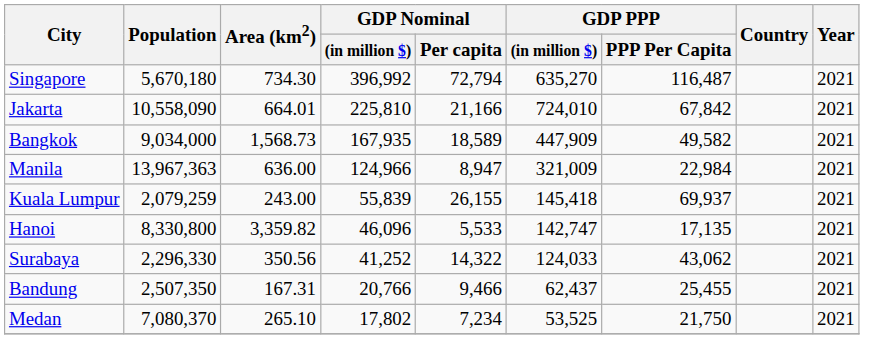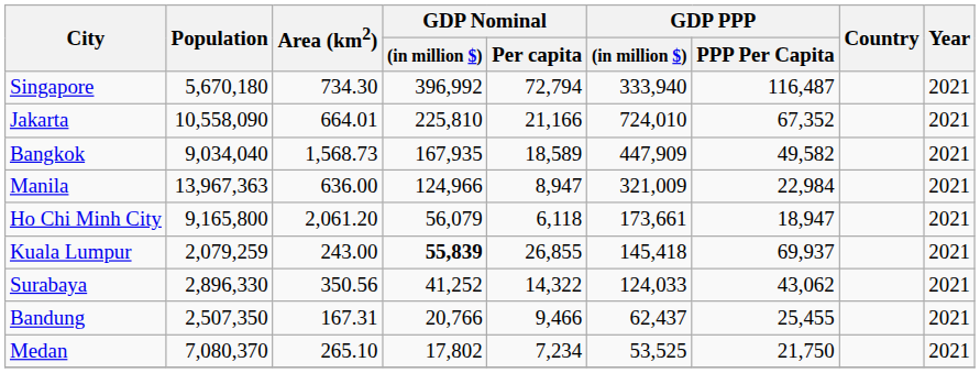 <table class="wikitable sortable sticky-header-multi static-row-numbers" style="text-align:center;">
 <tr>
 <th rowspan="2">City</th>
 <th rowspan="2">Population</th>
 <th rowspan="2">Area (km<sup>2</sup>)</th>
 <th scope="col" colspan="2">GDP Nominal</th>
 <th scope="col" colspan="2">GDP PPP</th>
 <th rowspan="2">Country</th>
 <th rowspan="2">Year</th>
 </tr>
 <tr>
 <th scope="col"><small>(in million <a href='#'>$</a>)</small></th>
 <th>Per capita</th>
 <th scope="col"><small>(in million <a href='#'>$</a>)</small></th>
 <th>PPP Per Capita</th>
 </tr>
 <tr>
 <td ! scope="row" style="text-align: left; font-weight: normal;"><a href='#'>Singapore</a></td>
 <td align=right>5,670,180</td>
 <td align=right>734.30</td>
 <td align=right>396,992</td>
 <td align=right>72,794</td>
-<td align=right>635,270</td>
+<td align=right>333,940</td>
 <td align=right>116,487</td>
 <td></td>
 <td align=right>2021</td>
 </tr>
 <tr>
 <td ! scope="row" style="text-align: left; font-weight: normal;"><a href='#'>Jakarta</a></td>
 <td align=right>10,558,090</td>
 <td align=right>664.01</td>
 <td align=right>225,810</td>
 <td align=right>21,166</td>
 <td align=right>724,010</td>
-<td align=right>67,842</td>
+<td align=right>67,352</td>
 <td></td>
 <td align=right>2021</td>
 </tr>
 <tr>
 <td ! scope="row" style="text-align: left; font-weight: normal;"><a href='#'>Bangkok</a></td>
-<td align=right>9,034,000</td>
+<td align=right>9,034,040</td>
 <td align=right>1,568.73</td>
 <td align=right>167,935</td>
 <td align=right>18,589</td>
 <td align=right>447,909</td>
 <td align=right>49,582</td>
 <td></td>
 <td align=right>2021</td>
 </tr>
 <tr>
 <td ! scope="row" style="text-align: left; font-weight: normal;"><a href='#'>Manila</a></td>
 <td align=right>13,967,363</td>
 <td align=right>636.00</td>
 <td align=right>124,966</td>
 <td align=right>8,947</td>
 <td align=right>321,009</td>
 <td align=right>22,984</td>
 <td></td>
 <td align=right>2021</td>
 </tr>
 <tr>
+<td ! scope="row" style="text-align: left; font-weight: normal;"><a href='#'>Ho Chi Minh City</a></td>
+<td align=right>9,165,800</td>
+<td align=right>2,061.20</td>
+<td align=right>56,079</td>
+<td align=right>6,118</td>
+<td align=right>173,661</td>
+<td align=right>18,947</td>
+<td></td>
+<td align=right>2021</td>
+</tr>
+<tr>
 <td ! scope="row" style="text-align: left; font-weight: normal;"><a href='#'>Kuala Lumpur</a></td>
 <td align=right>2,079,259</td>
 <td align=right>243.00</td>
-<td align=right>55,839</td>
-<td align=right>26,155</td>
+<td align=right><strong>55,839</strong></td>
+<td align=right>26,855</td>
 <td align=right>145,418</td>
 <td align=right>69,937</td>
 <td></td>
 <td align=right>2021</td>
 </tr>
 <tr>
-<td ! scope="row" style="text-align: left; font-weight: normal;"><a href='#'>Hanoi</a></td>
-<td align=right>8,330,800</td>
-<td align=right>3,359.82</td>
-<td align=right>46,096</td>
-<td align=right>5,533</td>
-<td align=right>142,747</td>
-<td align=right>17,135</td>
-<td></td>
-<td align=right>2021</td>
-</tr>
-<tr>
 <td ! scope="row" style="text-align: left; font-weight: normal;"><a href='#'>Surabaya</a></td>
-<td align=right>2,296,330</td>
+<td align=right>2,896,330</td>
 <td align=right>350.56</td>
 <td align=right>41,252</td>
 <td align=right>14,322</td>
 <td align=right>124,033</td>
 <td align=right>43,062</td>
 <td></td>
 <td align=right>2021</td>
 </tr>
 <tr>
 <td ! scope="row" style="text-align: left; font-weight: normal;"><a href='#'>Bandung</a></td>
 <td align=right>2,507,350</td>
 <td align=right>167.31</td>
 <td align=right>20,766</td>
 <td align=right>9,466</td>
 <td align=right>62,437</td>
 <td align=right>25,455</td>
 <td></td>
 <td align=right>2021</td>
 </tr>
 <tr>
 <td ! scope="row" style="text-align: left; font-weight: normal;"><a href='#'>Medan</a></td>
 <td align=right>7,080,370</td>
 <td align=right>265.10</td>
 <td align=right>17,802</td>
 <td align=right>7,234</td>
 <td align=right>53,525</td>
 <td align=right>21,750</td>
 <td></td>
 <td align=right>2021</td>
 </tr>
 <tr>
 </tr>
 </table>
